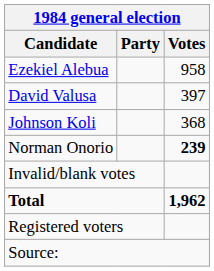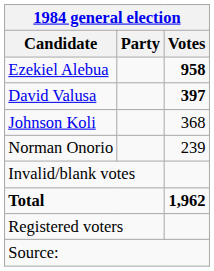 <table class=wikitable style=text-align:left>
 <tr>
 <th colspan=3><a href='#'>1984 general election</a></th>
 </tr>
 <tr>
 <th>Candidate</th>
 <th>Party</th>
 <th>Votes</th>
 </tr>
 <tr>
 <td><a href='#'>Ezekiel Alebua</a></td>
 <td></td>
-<td align=right>958</td>
+<td align=right><strong>958</strong></td>
 </tr>
 <tr>
 <td><a href='#'>David Valusa</a></td>
 <td></td>
-<td align=right>397</td>
+<td align=right><strong>397</strong></td>
 </tr>
 <tr>
 <td><a href='#'>Johnson Koli</a></td>
 <td></td>
 <td align=right>368</td>
 </tr>
 <tr>
 <td>Norman Onorio</td>
 <td></td>
-<td align=right><strong>239</strong></td>
+<td align=right>239</td>
 </tr>
 <tr>
 <td colspan=2>Invalid/blank votes</td>
 <td></td>
 </tr>
 <tr>
 <td colspan=2><strong>Total</strong></td>
 <td align=right><strong>1,962</strong></td>
 </tr>
 <tr>
 <td colspan=2>Registered voters</td>
 <td align=right></td>
 </tr>
 <tr>
 <td colspan=3>Source: </td>
 </tr>
 </table>
